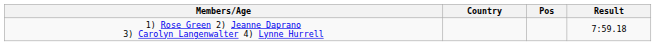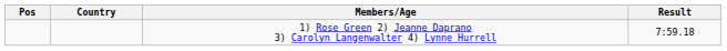 <table class="wikitable"  style="text-align:center; width:80%;">
 <tr>
+<th>Pos</th>
+<th>Country</th>
 <th>Members/Age</th>
-<th>Country</th>
-<th>Pos</th>
 <th>Result</th>
 </tr>
 <tr>
+<td align=center></td>
+<td align=left></td>
 <td>1) <a href='#'>Rose Green</a> 2) <a href='#'>Jeanne Daprano</a> <br>3) <a href='#'>Carolyn Langenwalter</a> 4) <a href='#'>Lynne Hurrell</a></td>
-<td align=left></td>
-<td align=center></td>
 <td>7:59.18</td>
 </tr>
 </table>
